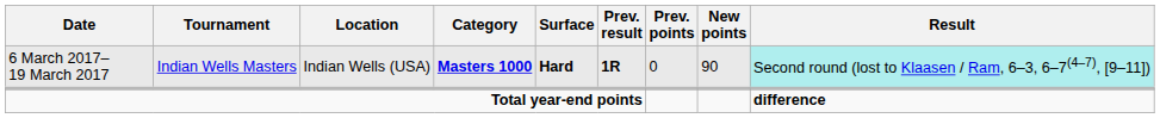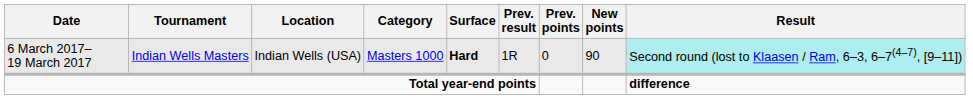 <table class="wikitable" style="text-align:left">
 <tr>
 <th style="width:150px">Date</th>
 <th>Tournament</th>
 <th>Location</th>
 <th>Category</th>
 <th>Surface</th>
 <th>Prev.<br>result</th>
 <th>Prev.<br>points</th>
 <th>New<br>points</th>
 <th>Result</th>
 </tr>
 <tr style="background:#E9E9E9;">
 <td>6 March 2017–<br>19 March 2017</td>
 <td><a href='#'>Indian Wells Masters</a></td>
 <td>Indian Wells (USA)</td>
-<td><strong><a href='#'>Masters 1000</a></strong></td>
+<td><a href='#'>Masters 1000</a></td>
 <td><strong>Hard</strong></td>
-<td><strong>1R</strong></td>
+<td>1R</td>
 <td>0</td>
 <td>90</td>
 <td style="background:#AFEEEE;">Second round (lost to <a href='#'>Klaasen</a> / <a href='#'>Ram</a>, 6–3, 6–7<sup>(4–7)</sup>, [9–11])</td>
 </tr>
 <tr style="border-top:4px solid silver;">
 </tr>
 <tr>
 <td colspan=6 align=right><strong>Total year-end points</strong></td>
 <td></td>
 <td></td>
 <td>  <strong>difference</strong></td>
 </tr>
 </table>
